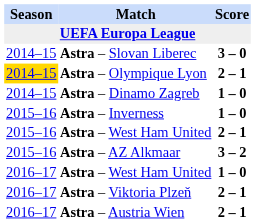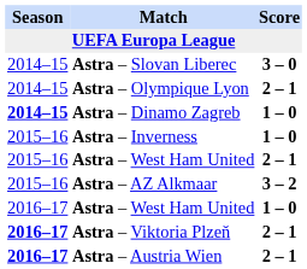 <table class="toccolours" border="0" cellpadding="2" cellspacing="0" align="left" style="margin:0.5em;">
 <tr bgcolor=#CADCFB>
 <th>Season</th>
 <th>Match</th>
 <th>Score</th>
 </tr>
 <tr>
 <th colspan="4" bgcolor=#EFEFEF><a href='#'>UEFA Europa League</a></th>
 </tr>
 <tr>
 <td align="center"><a href='#'>2014–15</a></td>
 <td align="left"><strong>Astra</strong> –  <a href='#'>Slovan Liberec</a></td>
 <td align="center"><strong>3 – 0</strong></td>
 </tr>
 <tr>
-<td align="center" style="background: gold;"><a href='#'>2014–15</a></td>
+<td align="center"><a href='#'>2014–15</a></td>
 <td align="left"><strong>Astra</strong> –  <a href='#'>Olympique Lyon</a></td>
 <td align="center"><strong>2 – 1</strong></td>
 </tr>
 <tr>
-<td align="center"><a href='#'>2014–15</a></td>
+<td align="center"><strong><a href='#'>2014–15</a></strong></td>
 <td align="left"><strong>Astra</strong> –  <a href='#'>Dinamo Zagreb</a></td>
 <td align="center"><strong>1 – 0</strong></td>
 </tr>
 <tr>
 <td align="center"><a href='#'>2015–16</a></td>
 <td align="left"><strong>Astra</strong> –  <a href='#'>Inverness</a></td>
 <td align="center"><strong>1 – 0</strong></td>
 </tr>
 <tr>
 <td align="center"><a href='#'>2015–16</a></td>
 <td align="left"><strong>Astra</strong> –  <a href='#'>West Ham United</a></td>
 <td align="center"><strong>2 – 1</strong></td>
 </tr>
 <tr>
 <td align="center"><a href='#'>2015–16</a></td>
 <td align="left"><strong>Astra</strong> –  <a href='#'>AZ Alkmaar</a></td>
 <td align="center"><strong>3 – 2</strong></td>
 </tr>
 <tr>
 <td align="center"><a href='#'>2016–17</a></td>
 <td align="left"><strong>Astra</strong> –  <a href='#'>West Ham United</a></td>
 <td align="center"><strong>1 – 0</strong></td>
 </tr>
 <tr>
-<td align="center"><a href='#'>2016–17</a></td>
+<td align="center"><strong><a href='#'>2016–17</a></strong></td>
 <td align="left"><strong>Astra</strong> –   <a href='#'>Viktoria Plzeň</a></td>
 <td align="center"><strong>2 – 1</strong></td>
 </tr>
 <tr>
-<td align="center"><a href='#'>2016–17</a></td>
+<td align="center"><strong><a href='#'>2016–17</a></strong></td>
 <td align="left"><strong>Astra</strong> –   <a href='#'>Austria Wien</a></td>
 <td align="center"><strong>2 – 1</strong></td>
 </tr>
 <tr>
 </tr>
 </table>
